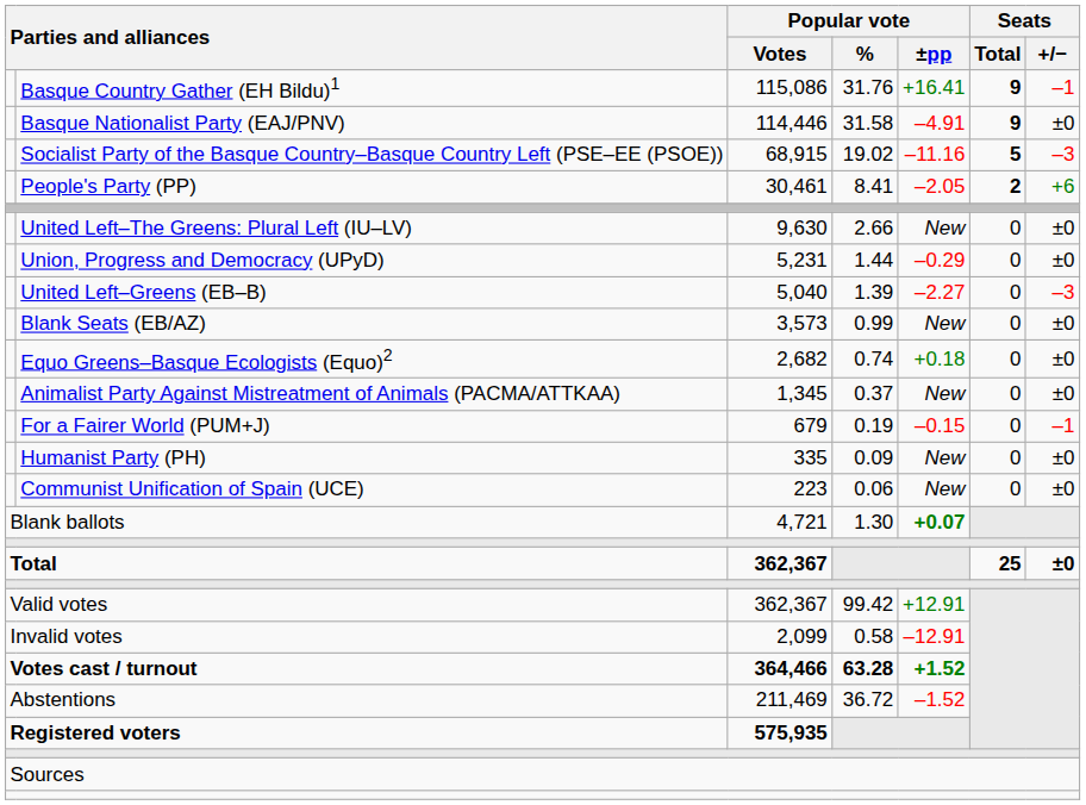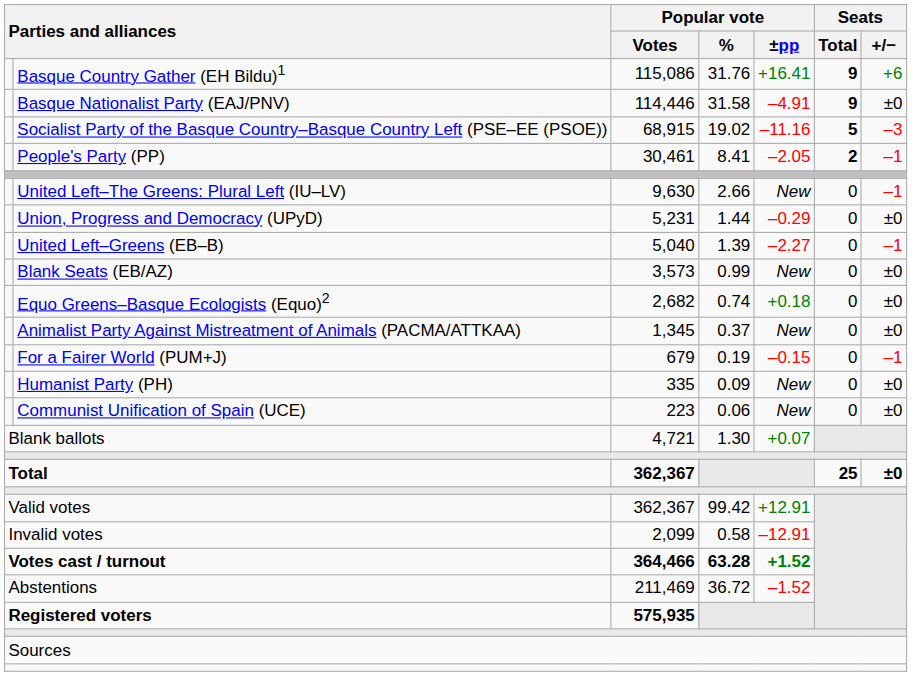 <table class="wikitable" style="text-align:right;">
 <tr>
 <th style="text-align:left;" rowspan="2" colspan="2" width="525">Parties and alliances</th>
 <th colspan="3">Popular vote</th>
 <th colspan="2">Seats</th>
 </tr>
 <tr>
 <th width="75">Votes</th>
 <th width="45">%</th>
 <th width="45">±<a href='#'>pp</a></th>
 <th width="35">Total</th>
 <th width="35">+/−</th>
 </tr>
 <tr>
 <td width="1" style="color:inherit;background:"></td>
 <td align="left"><a href='#'>Basque Country Gather</a> (EH Bildu)<sup>1</sup></td>
 <td>115,086</td>
 <td>31.76</td>
 <td style="color:green;">+16.41</td>
 <td><strong>9</strong></td>
-<td style="color:red;">–1</td>
+<td style="color:green;">+6</td>
 </tr>
 <tr>
 <td style="color:inherit;background:"></td>
 <td align="left"><a href='#'>Basque Nationalist Party</a> (EAJ/PNV)</td>
 <td>114,446</td>
 <td>31.58</td>
 <td style="color:red;">–4.91</td>
 <td><strong>9</strong></td>
 <td>±0</td>
 </tr>
 <tr>
 <td style="color:inherit;background:"></td>
 <td align="left"><a href='#'>Socialist Party of the Basque Country–Basque Country Left</a> (PSE–EE (PSOE))</td>
 <td>68,915</td>
 <td>19.02</td>
 <td style="color:red;">–11.16</td>
 <td><strong>5</strong></td>
 <td style="color:red;">–3</td>
 </tr>
 <tr>
 <td style="color:inherit;background:"></td>
 <td align="left"><a href='#'>People's Party</a> (PP)</td>
 <td>30,461</td>
 <td>8.41</td>
 <td style="color:red;">–2.05</td>
 <td><strong>2</strong></td>
-<td style="color:green;">+6</td>
+<td style="color:red;">–1</td>
 </tr>
 <tr>
 <td colspan="7" bgcolor="#C0C0C0"></td>
 </tr>
 <tr>
 <td style="color:inherit;background:"></td>
 <td align="left"><a href='#'>United Left–The Greens: Plural Left</a> (IU–LV)</td>
 <td>9,630</td>
 <td>2.66</td>
 <td><em>New</em></td>
 <td>0</td>
-<td>±0</td>
+<td style="color:red;">–1</td>
 </tr>
 <tr>
 <td style="color:inherit;background:"></td>
 <td align="left"><a href='#'>Union, Progress and Democracy</a> (UPyD)</td>
 <td>5,231</td>
 <td>1.44</td>
 <td style="color:red;">–0.29</td>
 <td>0</td>
 <td>±0</td>
 </tr>
 <tr>
 <td style="color:inherit;background:"></td>
 <td align="left"><a href='#'>United Left–Greens</a> (EB–B)</td>
 <td>5,040</td>
 <td>1.39</td>
 <td style="color:red;">–2.27</td>
 <td>0</td>
-<td style="color:red;">–3</td>
+<td style="color:red;">–1</td>
 </tr>
 <tr>
 <td style="color:inherit;background:"></td>
 <td align="left"><a href='#'>Blank Seats</a> (EB/AZ)</td>
 <td>3,573</td>
 <td>0.99</td>
 <td><em>New</em></td>
 <td>0</td>
 <td>±0</td>
 </tr>
 <tr>
 <td style="color:inherit;background:"></td>
 <td align="left"><a href='#'>Equo Greens–Basque Ecologists</a> (Equo)<sup>2</sup></td>
 <td>2,682</td>
 <td>0.74</td>
 <td style="color:green;">+0.18</td>
 <td>0</td>
 <td>±0</td>
 </tr>
 <tr>
 <td style="color:inherit;background:"></td>
 <td align="left"><a href='#'>Animalist Party Against Mistreatment of Animals</a> (PACMA/ATTKAA)</td>
 <td>1,345</td>
 <td>0.37</td>
 <td><em>New</em></td>
 <td>0</td>
 <td>±0</td>
 </tr>
 <tr>
 <td style="color:inherit;background:"></td>
 <td align="left"><a href='#'>For a Fairer World</a> (PUM+J)</td>
 <td>679</td>
 <td>0.19</td>
 <td style="color:red;">–0.15</td>
 <td>0</td>
 <td style="color:red;">–1</td>
 </tr>
 <tr>
 <td style="color:inherit;background:"></td>
 <td align="left"><a href='#'>Humanist Party</a> (PH)</td>
 <td>335</td>
 <td>0.09</td>
 <td><em>New</em></td>
 <td>0</td>
 <td>±0</td>
 </tr>
 <tr>
 <td style="color:inherit;background:"></td>
 <td align="left"><a href='#'>Communist Unification of Spain</a> (UCE)</td>
 <td>223</td>
 <td>0.06</td>
 <td><em>New</em></td>
 <td>0</td>
 <td>±0</td>
 </tr>
 <tr>
 <td align="left" colspan="2">Blank ballots</td>
 <td>4,721</td>
 <td>1.30</td>
-<td style="color:green;"><strong>+0.07</strong></td>
+<td style="color:green;">+0.07</td>
 <td bgcolor="#E9E9E9" colspan="2"></td>
 </tr>
 <tr>
 <td colspan="7" bgcolor="#E9E9E9"></td>
 </tr>
 <tr style="font-weight:bold;">
 <td align="left" colspan="2">Total</td>
 <td>362,367</td>
 <td bgcolor="#E9E9E9" colspan="2"></td>
 <td>25</td>
 <td>±0</td>
 </tr>
 <tr>
 <td colspan="7" bgcolor="#E9E9E9"></td>
 </tr>
 <tr>
 <td align="left" colspan="2">Valid votes</td>
 <td>362,367</td>
 <td>99.42</td>
 <td style="color:green;">+12.91</td>
 <td bgcolor="#E9E9E9" colspan="2" rowspan="5"></td>
 </tr>
 <tr>
 <td align="left" colspan="2">Invalid votes</td>
 <td>2,099</td>
 <td>0.58</td>
 <td style="color:red;">–12.91</td>
 </tr>
 <tr style="font-weight:bold;">
 <td align="left" colspan="2">Votes cast / turnout</td>
 <td>364,466</td>
 <td>63.28</td>
 <td style="color:green;">+1.52</td>
 </tr>
 <tr>
 <td align="left" colspan="2">Abstentions</td>
 <td>211,469</td>
 <td>36.72</td>
 <td style="color:red;">–1.52</td>
 </tr>
 <tr style="font-weight:bold;">
 <td align="left" colspan="2">Registered voters</td>
 <td>575,935</td>
 <td bgcolor="#E9E9E9" colspan="2"></td>
 </tr>
 <tr>
 <td colspan="7" bgcolor="#E9E9E9"></td>
 </tr>
 <tr>
 <td align="left" colspan="7">Sources</td>
 </tr>
 <tr>
 <td colspan="7" style="text-align:left; max-width:790px;"></td>
 </tr>
 </table>
